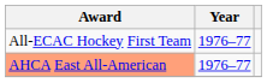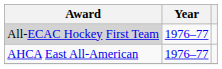 <table class="wikitable">
 <tr>
 <th>Award</th>
 <th>Year</th>
 <th></th>
 </tr>
 <tr>
-<td>All-<a href='#'>ECAC Hockey</a> <a href='#'>First Team</a></td>
+<td style="background: lightgrey;">All-<a href='#'>ECAC Hockey</a> <a href='#'>First Team</a></td>
 <td><a href='#'>1976–77</a></td>
 <td></td>
 </tr>
 <tr>
-<td style="background: lightsalmon;"><a href='#'>AHCA</a> <a href='#'>East All-American</a></td>
+<td><a href='#'>AHCA</a> <a href='#'>East All-American</a></td>
 <td><a href='#'>1976–77</a></td>
 <td></td>
 </tr>
 <tr>
 </tr>
 </table>
